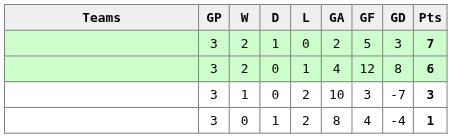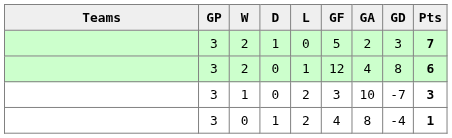 <table style=border-collapse:collapse border=1 cellspacing=0 cellpadding=5>
 <tr align=center bgcolor=#efefef>
 <th width=185>Teams</th>
 <th width=20>GP</th>
 <th width=20>W</th>
 <th width=20>D</th>
 <th width=20>L</th>
+<th width=20>GF</th>
 <th width=20>GA</th>
-<th width=20>GF</th>
 <th width=20>GD</th>
 <th width=20>Pts</th>
 </tr>
 <tr align=center style="background:#ccffcc;">
 <td style="text-align:left;"></td>
 <td>3</td>
 <td>2</td>
 <td>1</td>
 <td>0</td>
+<td>5</td>
 <td>2</td>
-<td>5</td>
 <td>3</td>
 <td><strong>7</strong></td>
 </tr>
 <tr align=center style="background:#ccffcc;">
 <td style="text-align:left;"></td>
 <td>3</td>
 <td>2</td>
 <td>0</td>
 <td>1</td>
+<td>12</td>
 <td>4</td>
-<td>12</td>
 <td>8</td>
 <td><strong>6</strong></td>
 </tr>
 <tr align=center>
 <td style="text-align:left;"></td>
 <td>3</td>
 <td>1</td>
 <td>0</td>
 <td>2</td>
+<td>3</td>
 <td>10</td>
-<td>3</td>
 <td>-7</td>
 <td><strong>3</strong></td>
 </tr>
 <tr align=center>
 <td style="text-align:left;"></td>
 <td>3</td>
 <td>0</td>
 <td>1</td>
 <td>2</td>
+<td>4</td>
 <td>8</td>
-<td>4</td>
 <td>-4</td>
 <td><strong>1</strong></td>
 </tr>
 </table>
